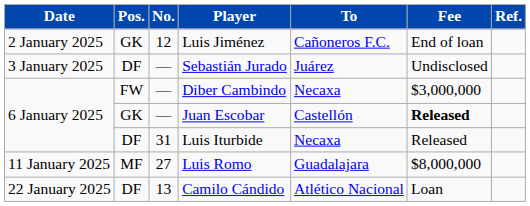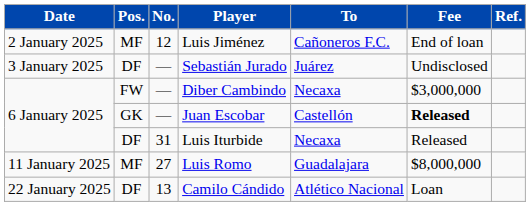 <table class="wikitable plainrowheaders sortable">
 <tr>
 <th style="background:#0046AD; color:#ffffff; ">Date</th>
 <th style="background:#0046AD; color:#ffffff; ">Pos.</th>
 <th style="background:#0046AD; color:#ffffff; ">No.</th>
 <th style="background:#0046AD; color:#ffffff; ">Player</th>
 <th style="background:#0046AD; color:#ffffff; ">To</th>
 <th style="background:#0046AD; color:#ffffff; ">Fee</th>
 <th style="background:#0046AD; color:#ffffff; ">Ref.</th>
 </tr>
 <tr>
 <td>2 January 2025</td>
-<td style="text-align:center;">GK</td>
+<td style="text-align:center;">MF</td>
 <td style="text-align:center;">12</td>
 <td style="text-align:left;"> Luis Jiménez</td>
 <td style="text-align:left;"> <a href='#'>Cañoneros F.C.</a></td>
 <td> End of loan</td>
 <td></td>
 </tr>
 <tr>
 <td>3 January 2025</td>
 <td style="text-align:center;">DF</td>
 <td style="text-align:center;">—</td>
 <td style="text-align:left;"> <a href='#'>Sebastián Jurado</a></td>
 <td style="text-align:left;"> <a href='#'>Juárez</a></td>
 <td> Undisclosed</td>
 <td></td>
 </tr>
 <tr>
 <td rowspan="3">6 January 2025</td>
 <td style="text-align:center;">FW</td>
 <td style="text-align:center;">—</td>
 <td style="text-align:left;"> <a href='#'>Diber Cambindo</a></td>
 <td style="text-align:left;"> <a href='#'>Necaxa</a></td>
 <td> $3,000,000</td>
 <td></td>
 </tr>
 <tr>
 <td style="text-align:center;">GK</td>
 <td style="text-align:center;">—</td>
 <td style="text-align:left;"> <a href='#'>Juan Escobar</a></td>
 <td style="text-align:left;"> <a href='#'>Castellón</a></td>
 <td><strong> Released</strong></td>
 <td></td>
 </tr>
 <tr>
 <td style="text-align:center;">DF</td>
 <td style="text-align:center;">31</td>
 <td style="text-align:left;"> Luis Iturbide</td>
 <td style="text-align:left;"> <a href='#'>Necaxa</a></td>
 <td> Released</td>
 <td></td>
 </tr>
 <tr>
 <td>11 January 2025</td>
 <td style="text-align:center;">MF</td>
 <td style="text-align:center;">27</td>
 <td style="text-align:left;"> <a href='#'>Luis Romo</a></td>
 <td style="text-align:left;"> <a href='#'>Guadalajara</a></td>
 <td>$8,000,000</td>
 <td></td>
 </tr>
 <tr>
 <td>22 January 2025</td>
 <td style="text-align:center;">DF</td>
 <td style="text-align:center;">13</td>
 <td style="text-align:left;"> <a href='#'>Camilo Cándido</a></td>
 <td style="text-align:left;"> <a href='#'>Atlético Nacional</a></td>
 <td>Loan</td>
 <td></td>
 </tr>
 </table>
